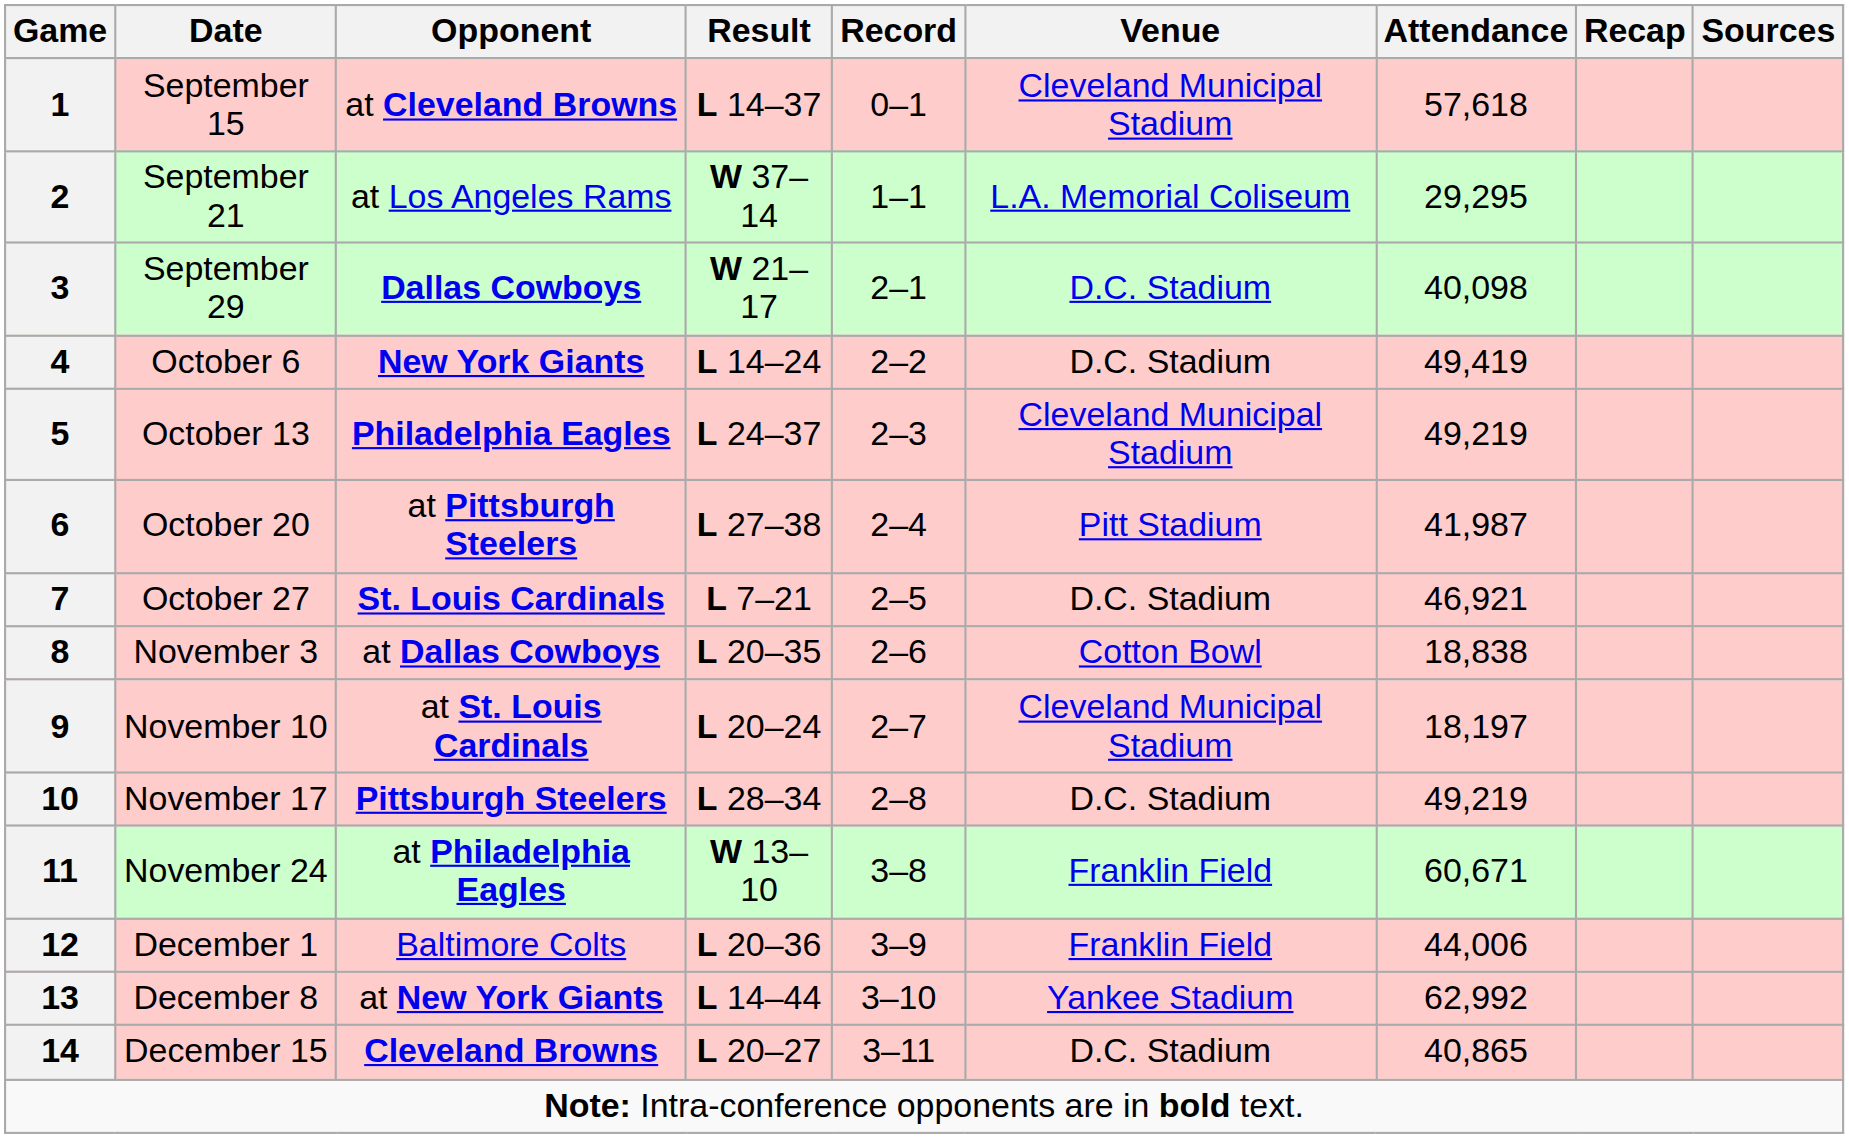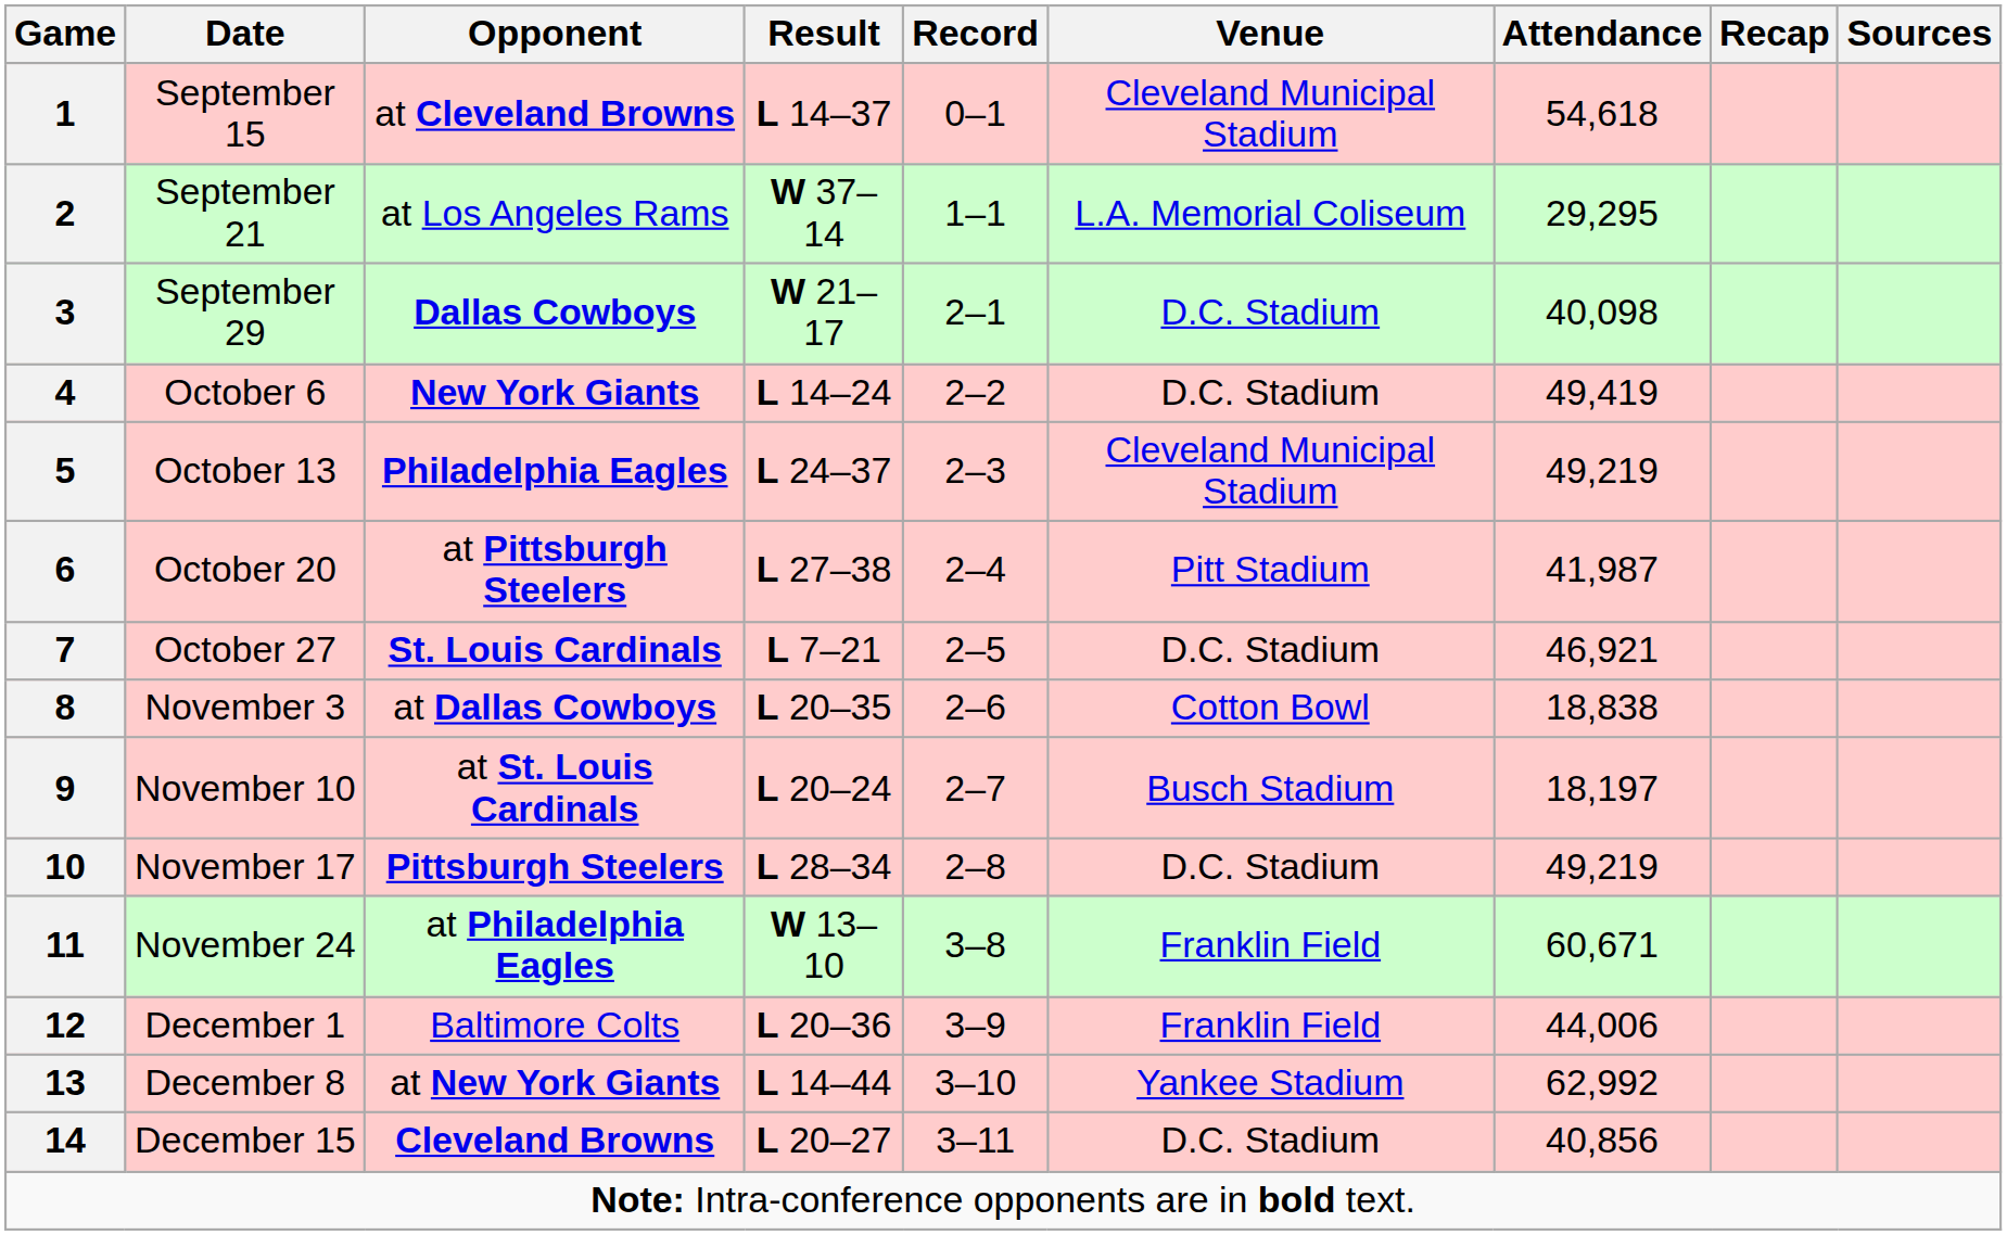 <table class="wikitable" style="text-align:center">
 <tr>
 <th>Game</th>
 <th>Date</th>
 <th>Opponent</th>
 <th>Result</th>
 <th>Record</th>
 <th>Venue</th>
 <th>Attendance</th>
 <th>Recap</th>
 <th>Sources</th>
 </tr>
 <tr style="background:#fcc">
 <th>1</th>
 <td>September 15</td>
 <td>at <strong><a href='#'>Cleveland Browns</a></strong></td>
 <td><strong>L</strong> 14–37</td>
 <td>0–1</td>
 <td><a href='#'>Cleveland Municipal Stadium</a></td>
-<td>57,618</td>
+<td>54,618</td>
 <td></td>
 <td></td>
 </tr>
 <tr style="background:#cfc">
 <th>2</th>
 <td>September 21</td>
 <td>at <a href='#'>Los Angeles Rams</a></td>
 <td><strong>W</strong> 37–14</td>
 <td>1–1</td>
 <td><a href='#'>L.A. Memorial Coliseum</a></td>
 <td>29,295</td>
 <td></td>
 <td></td>
 </tr>
 <tr style="background:#cfc">
 <th>3</th>
 <td>September 29</td>
 <td><strong><a href='#'>Dallas Cowboys</a></strong></td>
 <td><strong>W</strong> 21–17</td>
 <td>2–1</td>
 <td><a href='#'>D.C. Stadium</a></td>
 <td>40,098</td>
 <td></td>
 <td></td>
 </tr>
 <tr style="background:#fcc">
 <th>4</th>
 <td>October 6</td>
 <td><strong><a href='#'>New York Giants</a></strong></td>
 <td><strong>L</strong> 14–24</td>
 <td>2–2</td>
 <td>D.C. Stadium</td>
 <td>49,419</td>
 <td></td>
 <td></td>
 </tr>
 <tr style="background:#fcc">
 <th>5</th>
 <td>October 13</td>
 <td><strong><a href='#'>Philadelphia Eagles</a></strong></td>
 <td><strong>L</strong> 24–37</td>
 <td>2–3</td>
 <td><a href='#'>Cleveland Municipal Stadium</a></td>
 <td>49,219</td>
 <td></td>
 <td></td>
 </tr>
 <tr style="background:#fcc">
 <th>6</th>
 <td>October 20</td>
 <td>at <strong><a href='#'>Pittsburgh Steelers</a></strong></td>
 <td><strong>L</strong> 27–38</td>
 <td>2–4</td>
 <td><a href='#'>Pitt Stadium</a></td>
 <td>41,987</td>
 <td></td>
 <td></td>
 </tr>
 <tr style="background:#fcc">
 <th>7</th>
 <td>October 27</td>
 <td><strong><a href='#'>St. Louis Cardinals</a></strong></td>
 <td><strong>L</strong> 7–21</td>
 <td>2–5</td>
 <td>D.C. Stadium</td>
 <td>46,921</td>
 <td></td>
 <td></td>
 </tr>
 <tr style="background:#fcc">
 <th>8</th>
 <td>November 3</td>
 <td>at <strong><a href='#'>Dallas Cowboys</a></strong></td>
 <td><strong>L</strong> 20–35</td>
 <td>2–6</td>
 <td><a href='#'>Cotton Bowl</a></td>
 <td>18,838</td>
 <td></td>
 <td></td>
 </tr>
 <tr style="background:#fcc">
 <th>9</th>
 <td>November 10</td>
 <td>at <strong><a href='#'>St. Louis Cardinals</a></strong></td>
 <td><strong>L</strong> 20–24</td>
 <td>2–7</td>
-<td><a href='#'>Cleveland Municipal Stadium</a></td>
+<td><a href='#'>Busch Stadium</a></td>
 <td>18,197</td>
 <td></td>
 <td></td>
 </tr>
 <tr style="background:#fcc">
 <th>10</th>
 <td>November 17</td>
 <td><strong><a href='#'>Pittsburgh Steelers</a></strong></td>
 <td><strong>L</strong> 28–34</td>
 <td>2–8</td>
 <td>D.C. Stadium</td>
 <td>49,219</td>
 <td></td>
 <td></td>
 </tr>
 <tr style="background:#cfc">
 <th>11</th>
 <td>November 24</td>
 <td>at <strong><a href='#'>Philadelphia Eagles</a></strong></td>
 <td><strong>W</strong> 13–10</td>
 <td>3–8</td>
 <td><a href='#'>Franklin Field</a></td>
 <td>60,671</td>
 <td></td>
 <td></td>
 </tr>
 <tr style="background:#fcc">
 <th>12</th>
 <td>December 1</td>
 <td><a href='#'>Baltimore Colts</a></td>
 <td><strong>L</strong> 20–36</td>
 <td>3–9</td>
 <td><a href='#'>Franklin Field</a></td>
 <td>44,006</td>
 <td></td>
 <td></td>
 </tr>
 <tr style="background:#fcc">
 <th>13</th>
 <td>December 8</td>
 <td>at <strong><a href='#'>New York Giants</a></strong></td>
 <td><strong>L</strong> 14–44</td>
 <td>3–10</td>
 <td><a href='#'>Yankee Stadium</a></td>
 <td>62,992</td>
 <td></td>
 <td></td>
 </tr>
 <tr style="background:#fcc">
 <th>14</th>
 <td>December 15</td>
 <td><strong><a href='#'>Cleveland Browns</a></strong></td>
 <td><strong>L</strong> 20–27</td>
 <td>3–11</td>
 <td>D.C. Stadium</td>
-<td>40,865</td>
+<td>40,856</td>
 <td></td>
 <td></td>
 </tr>
 <tr>
 <td colspan="9"><strong>Note:</strong> Intra-conference opponents are in <strong>bold</strong> text.</td>
 </tr>
 </table>
